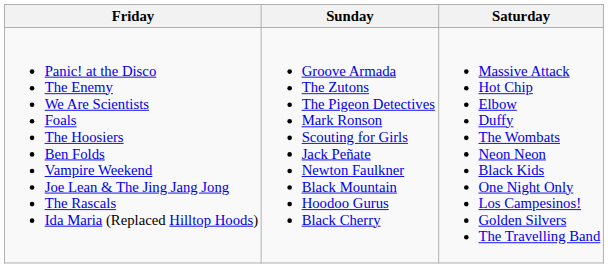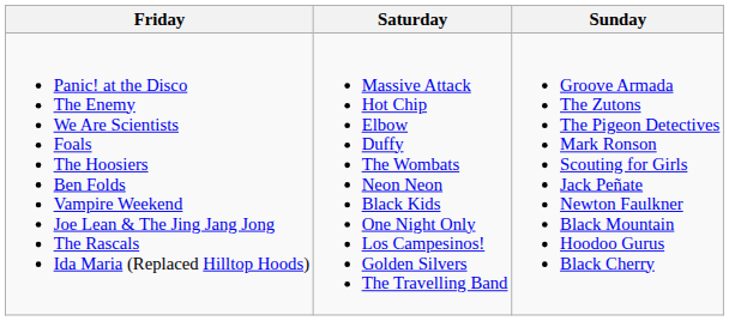 <table class="wikitable">
 <tr>
 <th>Friday</th>
+<th>Saturday</th>
 <th>Sunday</th>
-<th>Saturday</th>
 </tr>
 <tr valign="top">
 <td><br><ul><li><a href='#'>Panic! at the Disco</a></li><li><a href='#'>The Enemy</a></li><li><a href='#'>We Are Scientists</a></li><li><a href='#'>Foals</a></li><li><a href='#'>The Hoosiers</a></li><li><a href='#'>Ben Folds</a></li><li><a href='#'>Vampire Weekend</a></li><li><a href='#'>Joe Lean & The Jing Jang Jong</a></li><li><a href='#'>The Rascals</a></li><li><a href='#'>Ida Maria</a> (Replaced <a href='#'>Hilltop Hoods</a>)</li></ul></td>
+<td><br><ul><li><a href='#'>Massive Attack</a></li><li><a href='#'>Hot Chip</a></li><li><a href='#'>Elbow</a></li><li><a href='#'>Duffy</a></li><li><a href='#'>The Wombats</a></li><li><a href='#'>Neon Neon</a></li><li><a href='#'>Black Kids</a></li><li><a href='#'>One Night Only</a></li><li><a href='#'>Los Campesinos!</a></li><li><a href='#'>Golden Silvers</a></li><li><a href='#'>The Travelling Band</a></li></ul></td>
 <td><br><ul><li><a href='#'>Groove Armada</a></li><li><a href='#'>The Zutons</a></li><li><a href='#'>The Pigeon Detectives</a></li><li><a href='#'>Mark Ronson</a></li><li><a href='#'>Scouting for Girls</a></li><li><a href='#'>Jack Peñate</a></li><li><a href='#'>Newton Faulkner</a></li><li><a href='#'>Black Mountain</a></li><li><a href='#'>Hoodoo Gurus</a></li><li><a href='#'>Black Cherry</a></li></ul></td>
-<td><br><ul><li><a href='#'>Massive Attack</a></li><li><a href='#'>Hot Chip</a></li><li><a href='#'>Elbow</a></li><li><a href='#'>Duffy</a></li><li><a href='#'>The Wombats</a></li><li><a href='#'>Neon Neon</a></li><li><a href='#'>Black Kids</a></li><li><a href='#'>One Night Only</a></li><li><a href='#'>Los Campesinos!</a></li><li><a href='#'>Golden Silvers</a></li><li><a href='#'>The Travelling Band</a></li></ul></td>
 </tr>
 </table>
